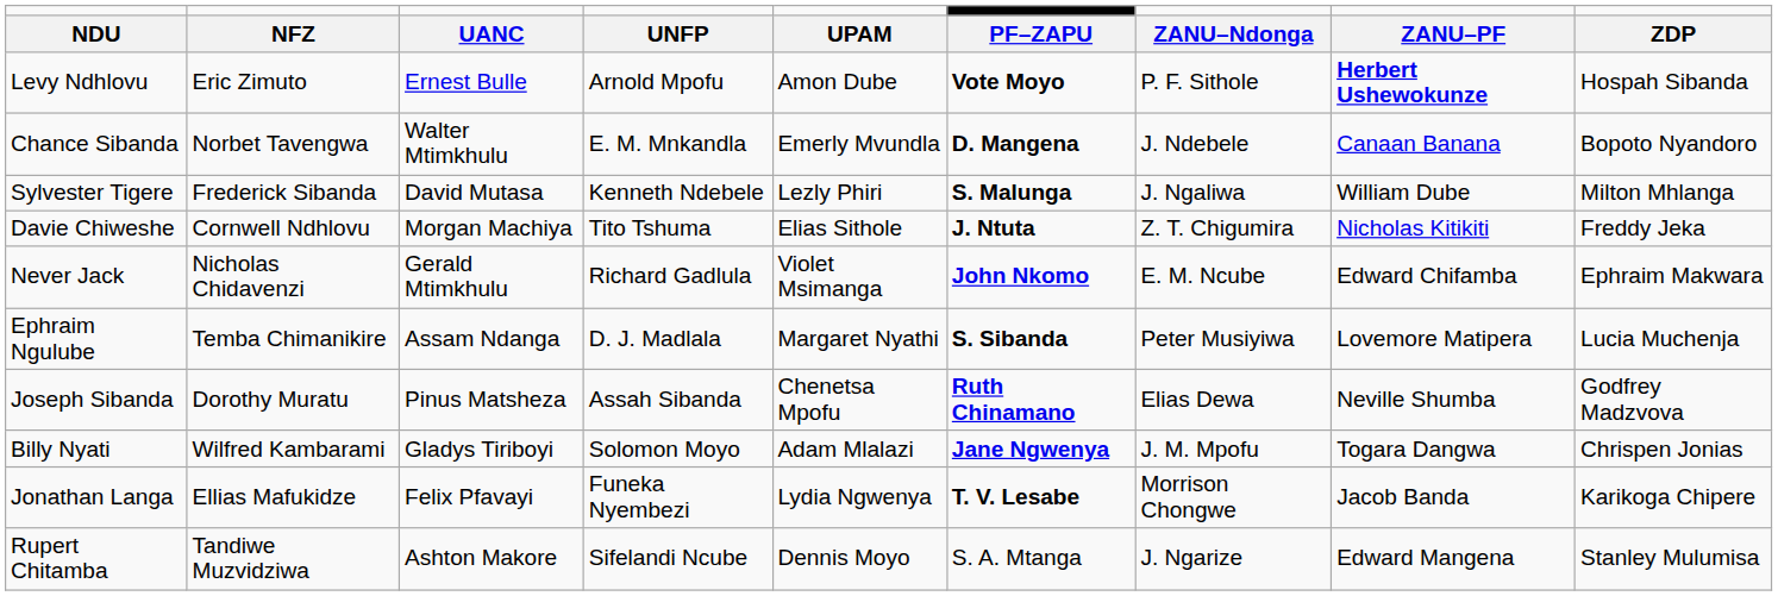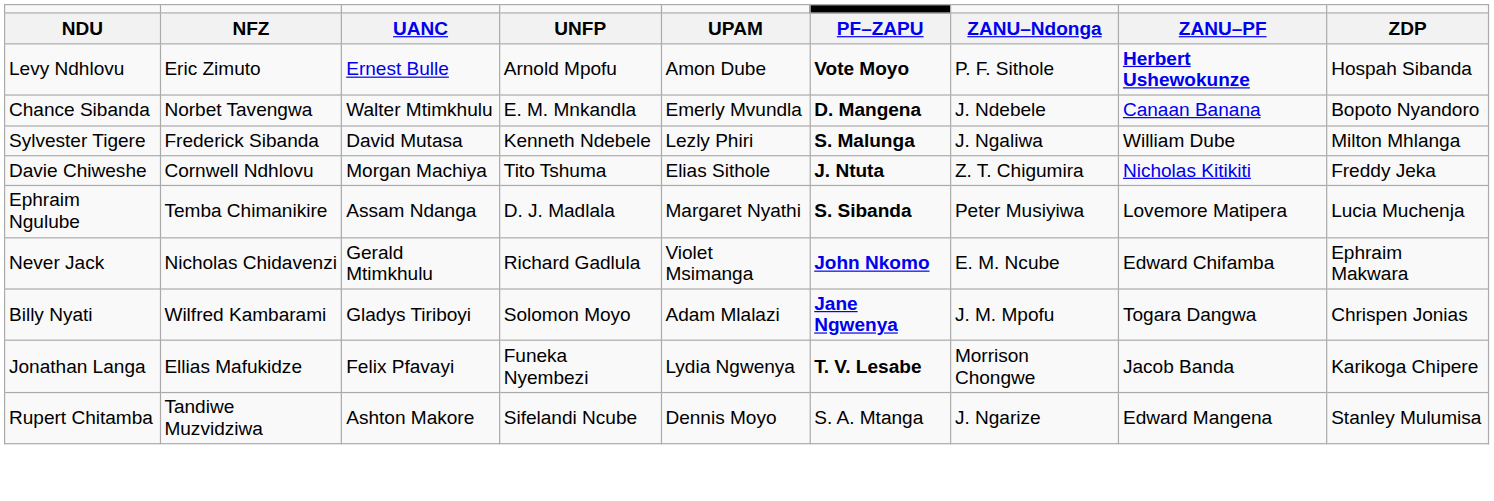 <table class="wikitable">
 <tr>
 <td></td>
 <td></td>
 <td style="background-color: "></td>
 <td style="background-color: "></td>
 <td></td>
 <td style="background-color:#000000"></td>
 <td></td>
 <td style="background-color: "></td>
 <td></td>
 </tr>
 <tr>
 <th>NDU</th>
 <th>NFZ</th>
 <th><a href='#'>UANC</a></th>
 <th>UNFP</th>
 <th>UPAM</th>
 <th><a href='#'>PF–ZAPU</a></th>
 <th><a href='#'>ZANU–Ndonga</a></th>
 <th><a href='#'>ZANU–PF</a></th>
 <th>ZDP</th>
 </tr>
 <tr>
 <td>Levy Ndhlovu</td>
 <td>Eric Zimuto</td>
 <td><a href='#'>Ernest Bulle</a></td>
 <td>Arnold Mpofu</td>
 <td>Amon Dube</td>
 <td><strong>Vote Moyo</strong></td>
 <td>P. F. Sithole</td>
 <td><strong><a href='#'>Herbert Ushewokunze</a></strong></td>
 <td>Hospah Sibanda</td>
 </tr>
 <tr>
 <td>Chance Sibanda</td>
 <td>Norbet Tavengwa</td>
 <td>Walter Mtimkhulu</td>
 <td>E. M. Mnkandla</td>
 <td>Emerly Mvundla</td>
 <td><strong>D. Mangena</strong></td>
 <td>J. Ndebele</td>
 <td><a href='#'>Canaan Banana</a></td>
 <td>Bopoto Nyandoro</td>
 </tr>
 <tr>
 <td>Sylvester Tigere</td>
 <td>Frederick Sibanda</td>
 <td>David Mutasa</td>
 <td>Kenneth Ndebele</td>
 <td>Lezly Phiri</td>
 <td><strong>S. Malunga</strong></td>
 <td>J. Ngaliwa</td>
 <td>William Dube</td>
 <td>Milton Mhlanga</td>
 </tr>
 <tr>
 <td>Davie Chiweshe</td>
 <td>Cornwell Ndhlovu</td>
 <td>Morgan Machiya</td>
 <td>Tito Tshuma</td>
 <td>Elias Sithole</td>
 <td><strong>J. Ntuta</strong></td>
 <td>Z. T. Chigumira</td>
 <td><a href='#'>Nicholas Kitikiti</a></td>
 <td>Freddy Jeka</td>
 </tr>
 <tr>
-<td>Never Jack</td>
-<td>Nicholas Chidavenzi</td>
-<td>Gerald Mtimkhulu</td>
-<td>Richard Gadlula</td>
-<td>Violet Msimanga</td>
-<td><strong><a href='#'>John Nkomo</a></strong></td>
-<td>E. M. Ncube</td>
-<td>Edward Chifamba</td>
-<td>Ephraim Makwara</td>
-</tr>
-<tr>
 <td>Ephraim Ngulube</td>
 <td>Temba Chimanikire</td>
 <td>Assam Ndanga</td>
 <td>D. J. Madlala</td>
 <td>Margaret Nyathi</td>
 <td><strong>S. Sibanda</strong></td>
 <td>Peter Musiyiwa</td>
 <td>Lovemore Matipera</td>
 <td>Lucia Muchenja</td>
 </tr>
 <tr>
-<td>Joseph Sibanda</td>
-<td>Dorothy Muratu</td>
-<td>Pinus Matsheza</td>
-<td>Assah Sibanda</td>
-<td>Chenetsa Mpofu</td>
-<td><strong><a href='#'>Ruth Chinamano</a></strong></td>
-<td>Elias Dewa</td>
-<td>Neville Shumba</td>
-<td>Godfrey Madzvova</td>
+<td>Never Jack</td>
+<td>Nicholas Chidavenzi</td>
+<td>Gerald Mtimkhulu</td>
+<td>Richard Gadlula</td>
+<td>Violet Msimanga</td>
+<td><strong><a href='#'>John Nkomo</a></strong></td>
+<td>E. M. Ncube</td>
+<td>Edward Chifamba</td>
+<td>Ephraim Makwara</td>
 </tr>
 <tr>
 <td>Billy Nyati</td>
 <td>Wilfred Kambarami</td>
 <td>Gladys Tiriboyi</td>
 <td>Solomon Moyo</td>
 <td>Adam Mlalazi</td>
 <td><strong><a href='#'>Jane Ngwenya</a></strong></td>
 <td>J. M. Mpofu</td>
 <td>Togara Dangwa</td>
 <td>Chrispen Jonias</td>
 </tr>
 <tr>
 <td>Jonathan Langa</td>
 <td>Ellias Mafukidze</td>
 <td>Felix Pfavayi</td>
 <td>Funeka Nyembezi</td>
 <td>Lydia Ngwenya</td>
 <td><strong>T. V. Lesabe</strong></td>
 <td>Morrison Chongwe</td>
 <td>Jacob Banda</td>
 <td>Karikoga Chipere</td>
 </tr>
 <tr>
 <td>Rupert Chitamba</td>
 <td>Tandiwe Muzvidziwa</td>
 <td>Ashton Makore</td>
 <td>Sifelandi Ncube</td>
 <td>Dennis Moyo</td>
 <td>S. A. Mtanga</td>
 <td>J. Ngarize</td>
 <td>Edward Mangena</td>
 <td>Stanley Mulumisa</td>
 </tr>
 </table>
